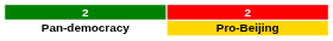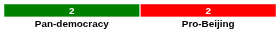 <table style="width:50%; text-align:center;">
 <tr style="color:white;">
 <td style="background:green; width:50%;"><strong>2</strong></td>
 <td style="background:red; width:50%;"><strong>2</strong></td>
 </tr>
 <tr>
 <td><span><strong>Pan-democracy</strong></span></td>
-<td style="background: gold;"><span><strong>Pro-Beijing</strong></span></td>
+<td><span><strong>Pro-Beijing</strong></span></td>
 </tr>
 </table>
